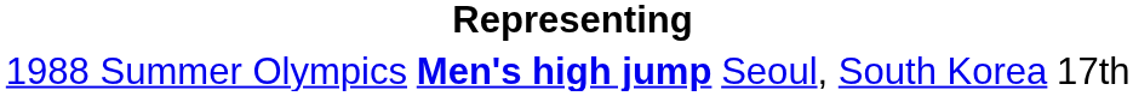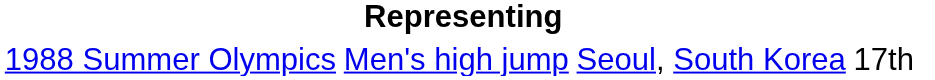 <table>
 <tr>
 <th colspan="5">Representing </th>
 </tr>
 <tr>
 <td><a href='#'>1988 Summer Olympics</a></td>
-<td><strong><a href='#'>Men's high jump</a></strong></td>
+<td><a href='#'>Men's high jump</a></td>
 <td><a href='#'>Seoul</a>, <a href='#'>South Korea</a></td>
 <td>17th</td>
 <td></td>
 </tr>
 </table>
